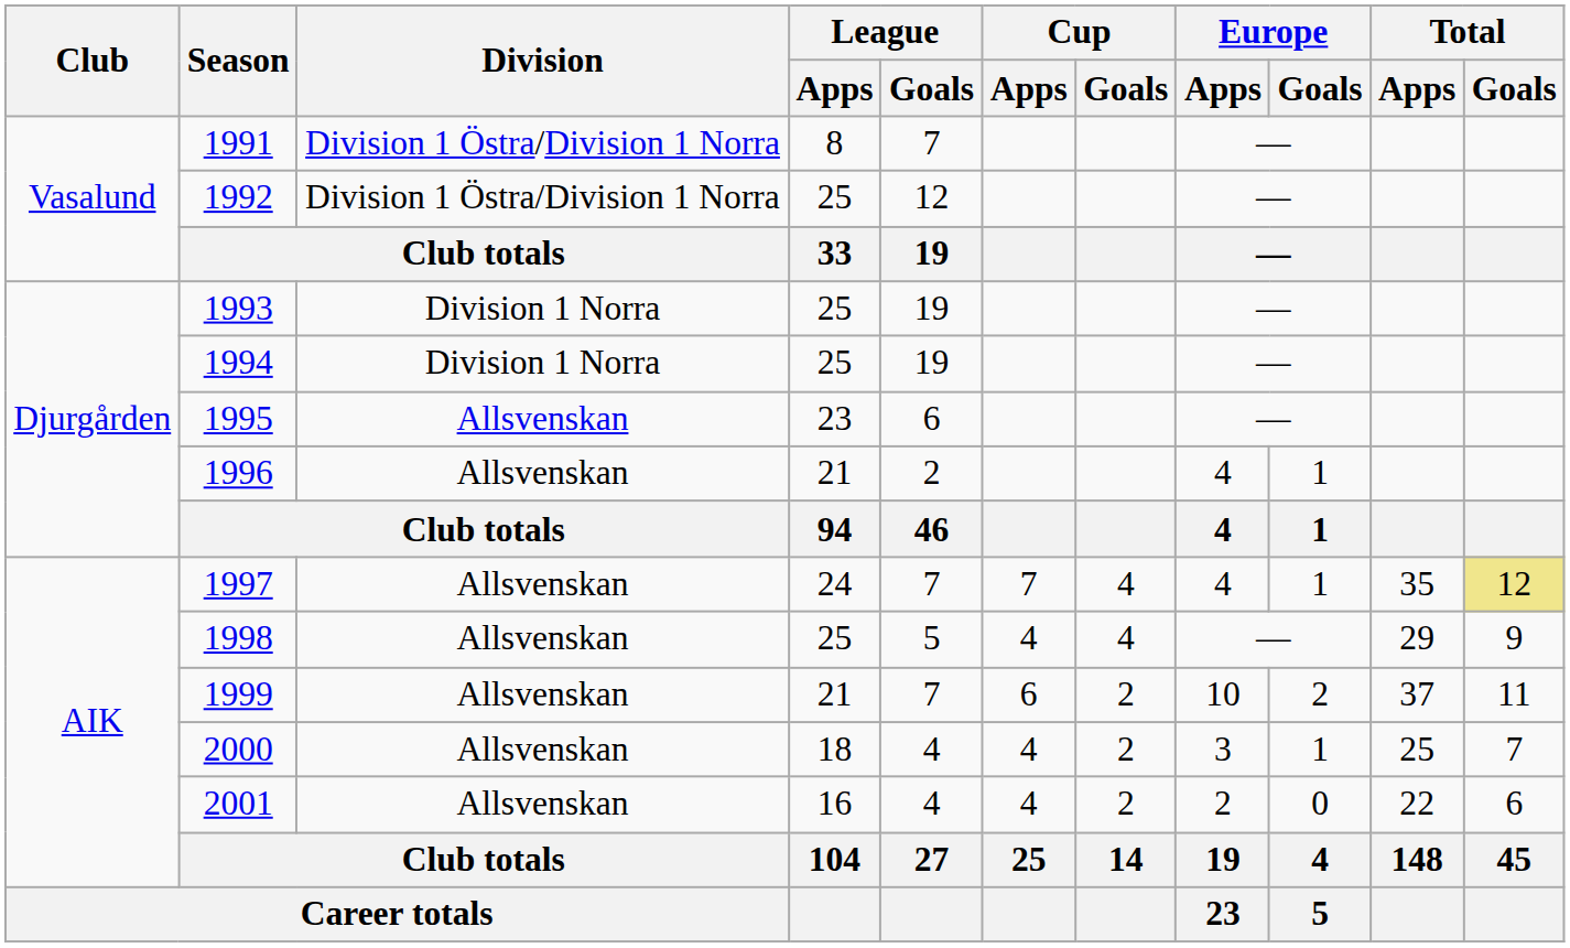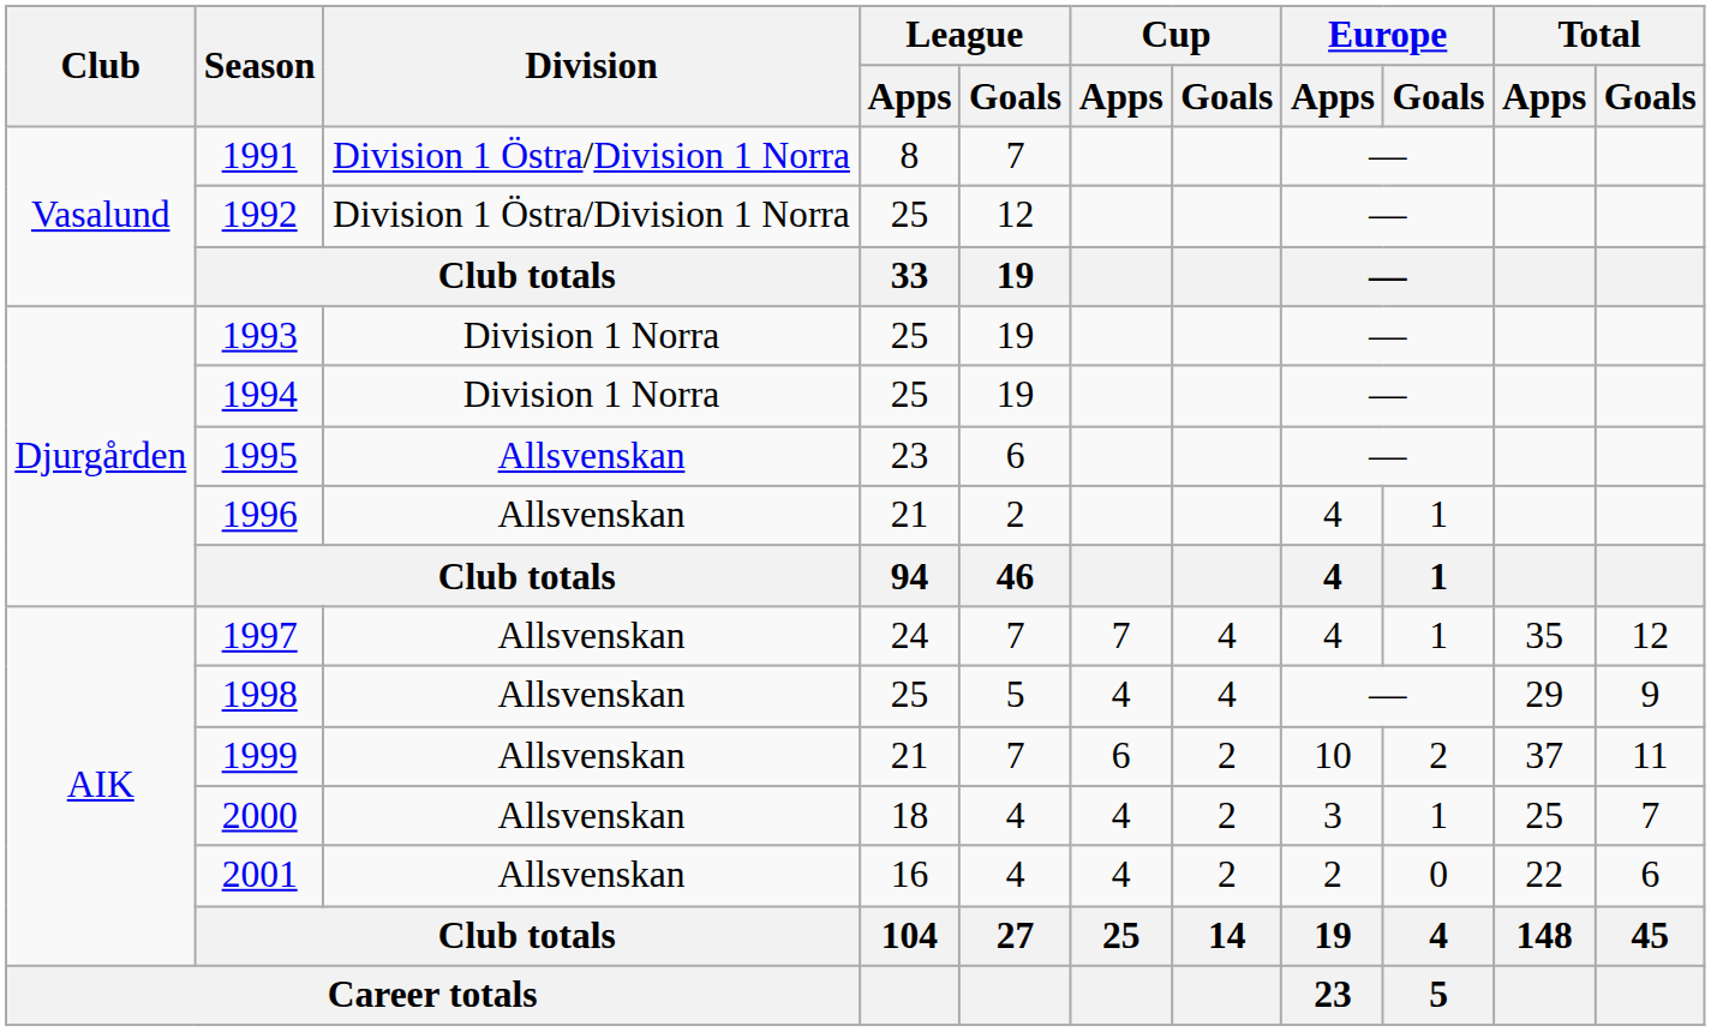 <table class="wikitable" style="text-align: center;">
 <tr>
 <th rowspan="2">Club</th>
 <th rowspan="2">Season</th>
 <th rowspan="2">Division</th>
 <th colspan="2">League</th>
 <th colspan="2">Cup</th>
 <th colspan="2"><a href='#'>Europe</a></th>
 <th colspan="2">Total</th>
 </tr>
 <tr>
 <th>Apps</th>
 <th>Goals</th>
 <th>Apps</th>
 <th>Goals</th>
 <th>Apps</th>
 <th>Goals</th>
 <th>Apps</th>
 <th>Goals</th>
 </tr>
 <tr>
 <td rowspan="3"><a href='#'>Vasalund</a></td>
 <td><a href='#'>1991</a></td>
 <td><a href='#'>Division 1 Östra</a>/<a href='#'>Division 1 Norra</a></td>
 <td>8</td>
 <td>7</td>
 <td></td>
 <td></td>
 <td colspan="2">—</td>
 <td></td>
 <td></td>
 </tr>
 <tr>
 <td><a href='#'>1992</a></td>
 <td>Division 1 Östra/Division 1 Norra</td>
 <td>25</td>
 <td>12</td>
 <td></td>
 <td></td>
 <td colspan="2">—</td>
 <td></td>
 <td></td>
 </tr>
 <tr>
 <th colspan="2">Club totals</th>
 <th>33</th>
 <th>19</th>
 <th></th>
 <th></th>
 <th colspan="2">—</th>
 <th></th>
 <th></th>
 </tr>
 <tr>
 <td rowspan="5"><a href='#'>Djurgården</a></td>
 <td><a href='#'>1993</a></td>
 <td>Division 1 Norra</td>
 <td>25</td>
 <td>19</td>
 <td></td>
 <td></td>
 <td colspan="2">—</td>
 <td></td>
 <td></td>
 </tr>
 <tr>
 <td><a href='#'>1994</a></td>
 <td>Division 1 Norra</td>
 <td>25</td>
 <td>19</td>
 <td></td>
 <td></td>
 <td colspan="2">—</td>
 <td></td>
 <td></td>
 </tr>
 <tr>
 <td><a href='#'>1995</a></td>
 <td><a href='#'>Allsvenskan</a></td>
 <td>23</td>
 <td>6</td>
 <td></td>
 <td></td>
 <td colspan="2">—</td>
 <td></td>
 <td></td>
 </tr>
 <tr>
 <td><a href='#'>1996</a></td>
 <td>Allsvenskan</td>
 <td>21</td>
 <td>2</td>
 <td></td>
 <td></td>
 <td>4</td>
 <td>1</td>
 <td></td>
 <td></td>
 </tr>
 <tr>
 <th colspan="2">Club totals</th>
 <th>94</th>
 <th>46</th>
 <th></th>
 <th></th>
 <th>4</th>
 <th>1</th>
 <th></th>
 <th></th>
 </tr>
 <tr>
 <td rowspan="6"><a href='#'>AIK</a></td>
 <td><a href='#'>1997</a></td>
 <td>Allsvenskan</td>
 <td>24</td>
 <td>7</td>
 <td>7</td>
 <td>4</td>
 <td>4</td>
 <td>1</td>
 <td>35</td>
-<td style="background: khaki;">12</td>
+<td>12</td>
 </tr>
 <tr>
 <td><a href='#'>1998</a></td>
 <td>Allsvenskan</td>
 <td>25</td>
 <td>5</td>
 <td>4</td>
 <td>4</td>
 <td colspan="2">—</td>
 <td>29</td>
 <td>9</td>
 </tr>
 <tr>
 <td><a href='#'>1999</a></td>
 <td>Allsvenskan</td>
 <td>21</td>
 <td>7</td>
 <td>6</td>
 <td>2</td>
 <td>10</td>
 <td>2</td>
 <td>37</td>
 <td>11</td>
 </tr>
 <tr>
 <td><a href='#'>2000</a></td>
 <td>Allsvenskan</td>
 <td>18</td>
 <td>4</td>
 <td>4</td>
 <td>2</td>
 <td>3</td>
 <td>1</td>
 <td>25</td>
 <td>7</td>
 </tr>
 <tr>
 <td><a href='#'>2001</a></td>
 <td>Allsvenskan</td>
 <td>16</td>
 <td>4</td>
 <td>4</td>
 <td>2</td>
 <td>2</td>
 <td>0</td>
 <td>22</td>
 <td>6</td>
 </tr>
 <tr>
 <th colspan="2">Club totals</th>
 <th>104</th>
 <th>27</th>
 <th>25</th>
 <th>14</th>
 <th>19</th>
 <th>4</th>
 <th>148</th>
 <th>45</th>
 </tr>
 <tr>
 <th colspan="3">Career totals</th>
 <th></th>
 <th></th>
 <th></th>
 <th></th>
 <th>23</th>
 <th>5</th>
 <th></th>
 <th></th>
 </tr>
 </table>
